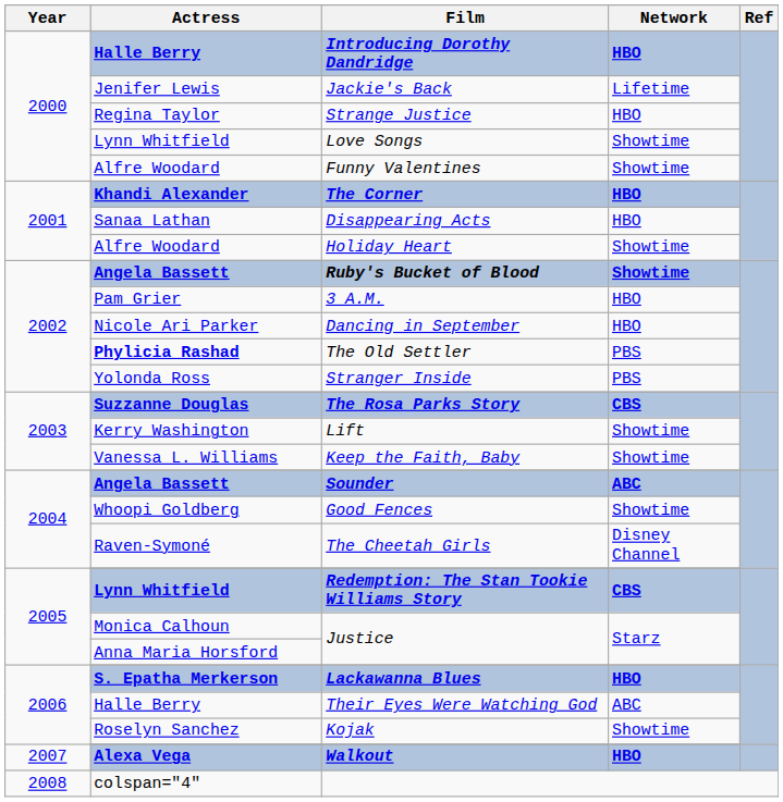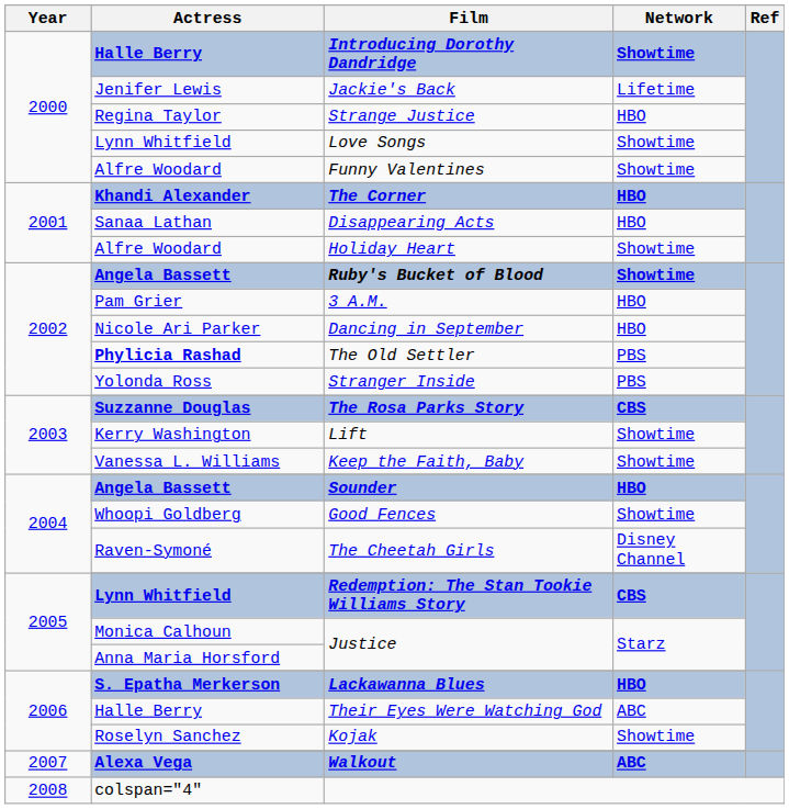 <table class="wikitable" style="width:100%;">
 <tr style="background:#bebebe;">
 <th style="width:11%;">Year</th>
 <th style="width:30%;">Actress</th>
 <th style="width:37%;">Film</th>
 <th style="width:17%;">Network</th>
 <th style="width:5%;">Ref</th>
 </tr>
 <tr>
 <td rowspan="6" align="center"><a href='#'>2000</a></td>
 </tr>
 <tr style="background:#B0C4DE">
 <td><strong><a href='#'>Halle Berry</a></strong></td>
 <td><strong><em><a href='#'>Introducing Dorothy Dandridge</a></em></strong></td>
-<td><strong><a href='#'>HBO</a></strong></td>
+<td><strong><a href='#'>Showtime</a></strong></td>
 <td rowspan="6" align="center"></td>
 </tr>
 <tr>
 <td><a href='#'>Jenifer Lewis</a></td>
 <td><em><a href='#'>Jackie's Back</a></em></td>
 <td><a href='#'>Lifetime</a></td>
 </tr>
 <tr>
 <td><a href='#'>Regina Taylor</a></td>
 <td><em><a href='#'>Strange Justice</a></em></td>
 <td><a href='#'>HBO</a></td>
 </tr>
 <tr>
 <td><a href='#'>Lynn Whitfield</a></td>
 <td><em>Love Songs</em></td>
 <td><a href='#'>Showtime</a></td>
 </tr>
 <tr>
 <td><a href='#'>Alfre Woodard</a></td>
 <td><em>Funny Valentines</em></td>
 <td><a href='#'>Showtime</a></td>
 </tr>
 <tr>
 <td rowspan="4" align="center"><a href='#'>2001</a></td>
 </tr>
 <tr style="background:#B0C4DE">
 <td><strong><a href='#'>Khandi Alexander</a></strong></td>
 <td><strong><em><a href='#'>The Corner</a></em></strong></td>
 <td><strong><a href='#'>HBO</a></strong></td>
 <td rowspan="4" align="center"></td>
 </tr>
 <tr>
 <td><a href='#'>Sanaa Lathan</a></td>
 <td><em><a href='#'>Disappearing Acts</a></em></td>
 <td><a href='#'>HBO</a></td>
 </tr>
 <tr>
 <td><a href='#'>Alfre Woodard</a></td>
 <td><em><a href='#'>Holiday Heart</a></em></td>
 <td><a href='#'>Showtime</a></td>
 </tr>
 <tr>
 <td rowspan="6" align="center"><a href='#'>2002</a></td>
 </tr>
 <tr style="background:#B0C4DE">
 <td><strong><a href='#'>Angela Bassett</a></strong></td>
 <td><strong><em>Ruby's Bucket of Blood</em></strong></td>
 <td><strong><a href='#'>Showtime</a></strong></td>
 <td rowspan="6" align="center"></td>
 </tr>
 <tr>
 <td><a href='#'>Pam Grier</a></td>
 <td><em><a href='#'>3 A.M.</a></em></td>
 <td><a href='#'>HBO</a></td>
 </tr>
 <tr>
 <td><a href='#'>Nicole Ari Parker</a></td>
 <td><em><a href='#'>Dancing in September</a></em></td>
 <td><a href='#'>HBO</a></td>
 </tr>
 <tr>
 <td><strong><a href='#'>Phylicia Rashad</a></strong></td>
 <td><em>The Old Settler</em></td>
 <td><a href='#'>PBS</a></td>
 </tr>
 <tr>
 <td><a href='#'>Yolonda Ross</a></td>
 <td><em><a href='#'>Stranger Inside</a></em></td>
 <td><a href='#'>PBS</a></td>
 </tr>
 <tr>
 <td rowspan="4" align="center"><a href='#'>2003</a></td>
 </tr>
 <tr style="background:#B0C4DE">
 <td><strong><a href='#'>Suzzanne Douglas</a></strong></td>
 <td><strong><em><a href='#'>The Rosa Parks Story</a></em></strong></td>
 <td><strong><a href='#'>CBS</a></strong></td>
 <td rowspan="4" align="center"></td>
 </tr>
 <tr>
 <td><a href='#'>Kerry Washington</a></td>
 <td><em>Lift</em></td>
 <td><a href='#'>Showtime</a></td>
 </tr>
 <tr>
 <td><a href='#'>Vanessa L. Williams</a></td>
 <td><em><a href='#'>Keep the Faith, Baby</a></em></td>
 <td><a href='#'>Showtime</a></td>
 </tr>
 <tr>
 <td rowspan="4" align="center"><a href='#'>2004</a></td>
 </tr>
 <tr style="background:#B0C4DE">
 <td><strong><a href='#'>Angela Bassett</a></strong></td>
 <td><strong><em><a href='#'>Sounder</a></em></strong></td>
-<td><strong><a href='#'>ABC</a></strong></td>
+<td><strong><a href='#'>HBO</a></strong></td>
 <td rowspan="4" align="center"></td>
 </tr>
 <tr>
 <td><a href='#'>Whoopi Goldberg</a></td>
 <td><em><a href='#'>Good Fences</a></em></td>
 <td><a href='#'>Showtime</a></td>
 </tr>
 <tr>
 <td><a href='#'>Raven-Symoné</a></td>
 <td><em><a href='#'>The Cheetah Girls</a></em></td>
 <td><a href='#'>Disney Channel</a></td>
 </tr>
 <tr>
 <td rowspan="4" align="center"><a href='#'>2005</a></td>
 </tr>
 <tr style="background:#B0C4DE">
 <td><strong><a href='#'>Lynn Whitfield</a></strong></td>
 <td><strong><em><a href='#'>Redemption: The Stan Tookie Williams Story</a></em></strong></td>
 <td><strong><a href='#'>CBS</a></strong></td>
 <td rowspan="4" align="center"></td>
 </tr>
 <tr>
 <td><a href='#'>Monica Calhoun</a></td>
 <td rowspan="2"><em>Justice</em></td>
 <td rowspan="2"><a href='#'>Starz</a></td>
 </tr>
 <tr>
 <td><a href='#'>Anna Maria Horsford</a></td>
 </tr>
 <tr>
 <td rowspan="4" align="center"><a href='#'>2006</a></td>
 </tr>
 <tr style="background:#B0C4DE">
 <td><strong><a href='#'>S. Epatha Merkerson</a></strong></td>
 <td><strong><em><a href='#'>Lackawanna Blues</a></em></strong></td>
 <td><strong><a href='#'>HBO</a></strong></td>
 <td rowspan="4" align="center"></td>
 </tr>
 <tr>
 <td><a href='#'>Halle Berry</a></td>
 <td><em><a href='#'>Their Eyes Were Watching God</a></em></td>
 <td><a href='#'>ABC</a></td>
 </tr>
 <tr>
 <td><a href='#'>Roselyn Sanchez</a></td>
 <td><em><a href='#'>Kojak</a></em></td>
 <td><a href='#'>Showtime</a></td>
 </tr>
 <tr>
 <td rowspan="2" align="center"><a href='#'>2007</a></td>
 </tr>
 <tr style="background:#B0C4DE">
 <td><strong><a href='#'>Alexa Vega</a></strong></td>
 <td><strong><em><a href='#'>Walkout</a></em></strong></td>
-<td><strong><a href='#'>HBO</a></strong></td>
+<td><strong><a href='#'>ABC</a></strong></td>
 <td align="center"></td>
 </tr>
 <tr>
 <td align="center"><a href='#'>2008</a></td>
 <td>colspan="4" </td>
 </tr>
 </table>
